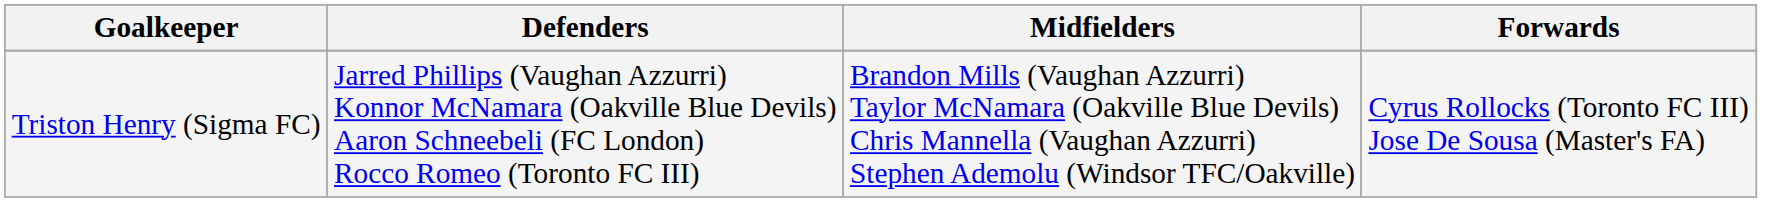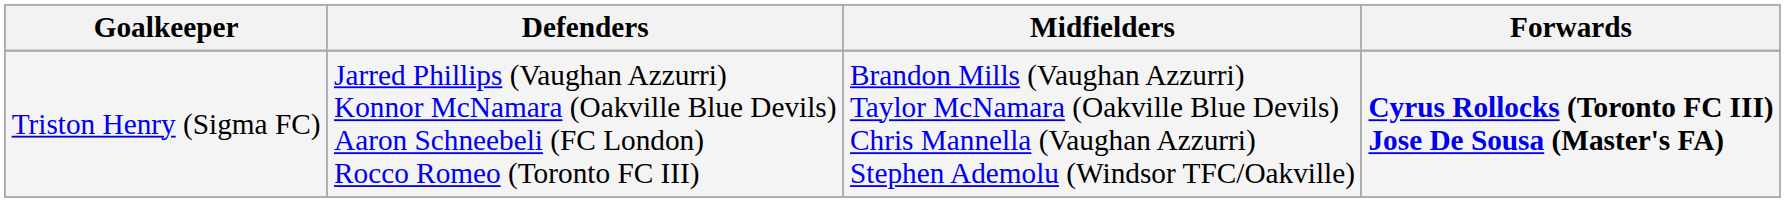 <table class="wikitable">
 <tr style="background:#cccccc;">
 <th>Goalkeeper</th>
 <th>Defenders</th>
 <th>Midfielders</th>
 <th>Forwards</th>
 </tr>
 <tr>
 </tr>
 <tr style="background:#f4f4f4;">
 <td><a href='#'>Triston Henry</a> (Sigma FC)</td>
 <td><a href='#'>Jarred Phillips</a> (Vaughan Azzurri)<br><a href='#'>Konnor McNamara</a> (Oakville Blue Devils)<br><a href='#'>Aaron Schneebeli</a> (FC London)<br><a href='#'>Rocco Romeo</a> (Toronto FC III)</td>
 <td><a href='#'>Brandon Mills</a> (Vaughan Azzurri)<br><a href='#'>Taylor McNamara</a> (Oakville Blue Devils)<br><a href='#'>Chris Mannella</a> (Vaughan Azzurri)<br><a href='#'>Stephen Ademolu</a> (Windsor TFC/Oakville)</td>
-<td><a href='#'>Cyrus Rollocks</a> (Toronto FC III)<br><a href='#'>Jose De Sousa</a> (Master's FA)</td>
+<td><strong><a href='#'>Cyrus Rollocks</a> (Toronto FC III)<br><a href='#'>Jose De Sousa</a> (Master's FA)</strong></td>
 </tr>
 </table>
